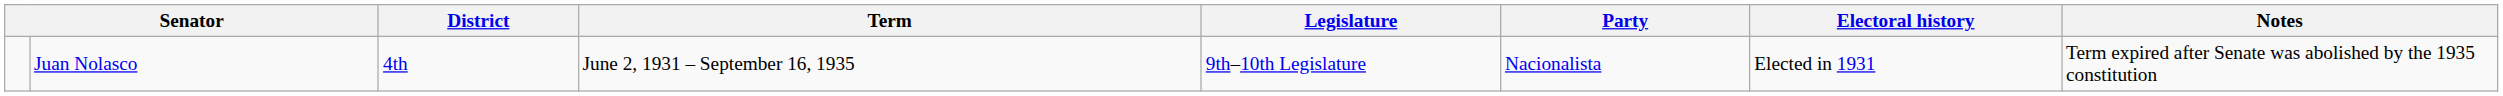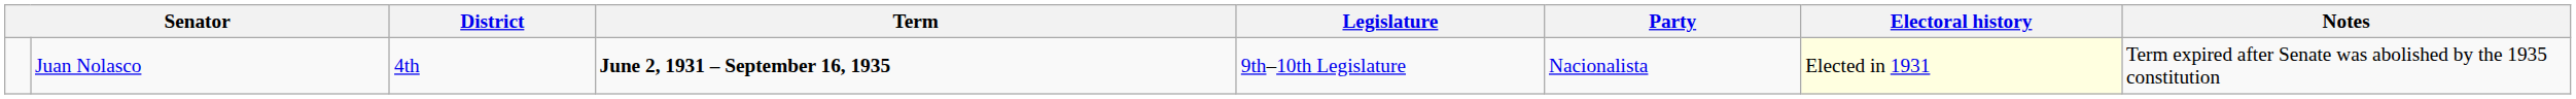 <table class="wikitable" style="font-size:95%" width=99%>
 <tr>
 <th colspan="2" width="15%">Senator</th>
 <th width="8%"><a href='#'>District</a></th>
 <th width="25%">Term</th>
 <th width="12%"><a href='#'>Legislature</a></th>
 <th width="10%"><a href='#'>Party</a></th>
 <th width="12.5%"><a href='#'>Electoral history</a></th>
 <th width="17.5%">Notes</th>
 </tr>
 <tr>
 <td width="1%" style="background-color:"></td>
 <td><a href='#'>Juan Nolasco</a></td>
 <td><a href='#'>4th</a></td>
-<td>June 2, 1931 – September 16, 1935</td>
+<td><strong>June 2, 1931 – September 16, 1935</strong></td>
 <td><a href='#'>9th</a>–<a href='#'>10th Legislature</a></td>
 <td><a href='#'>Nacionalista</a></td>
-<td>Elected in <a href='#'>1931</a></td>
+<td style="background: lightyellow;">Elected in <a href='#'>1931</a></td>
 <td>Term expired after Senate was abolished by the 1935 constitution</td>
 </tr>
 </table>
